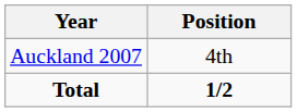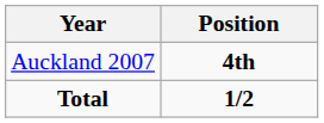 <table class="wikitable" style="text-align: center;">
 <tr>
 <th>Year</th>
 <th width="100">Position</th>
 </tr>
 <tr bgcolor=>
 <td><a href='#'>Auckland 2007</a></td>
-<td>4th</td>
+<td><strong>4th</strong></td>
 </tr>
 <tr>
 <td><strong>Total</strong></td>
 <td><strong>1/2</strong></td>
 </tr>
 </table>
